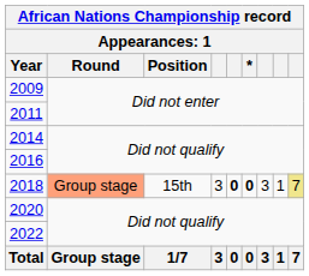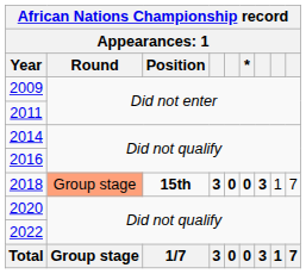 <table class="wikitable" style="text-align: center;">
 <tr>
 <th colspan=9><a href='#'>African Nations Championship</a> record</th>
 </tr>
 <tr>
 <th colspan=9>Appearances: 1</th>
 </tr>
 <tr>
 <th>Year</th>
 <th>Round</th>
 <th>Position</th>
 <th></th>
 <th></th>
 <th>*</th>
 <th></th>
 <th></th>
 <th></th>
 </tr>
 <tr>
 <td> <a href='#'>2009</a></td>
 <td rowspan=2 colspan=8><em>Did not enter</em></td>
 </tr>
 <tr>
 <td> <a href='#'>2011</a></td>
 </tr>
 <tr>
 <td> <a href='#'>2014</a></td>
 <td rowspan=2 colspan=8><em>Did not qualify</em></td>
 </tr>
 <tr>
 <td> <a href='#'>2016</a></td>
 </tr>
 <tr>
 <td> <a href='#'>2018</a></td>
 <td style="background: lightsalmon;">Group stage</td>
-<td>15th</td>
-<td>3</td>
+<td><strong>15th</strong></td>
+<td><strong>3</strong></td>
 <td><strong>0</strong></td>
 <td><strong>0</strong></td>
-<td>3</td>
+<td><strong>3</strong></td>
 <td>1</td>
-<td style="background: khaki;">7</td>
+<td>7</td>
 </tr>
 <tr>
 <td> <a href='#'>2020</a></td>
 <td colspan=8 rowspan=2><em>Did not qualify</em></td>
 </tr>
 <tr>
 <td> <a href='#'>2022</a></td>
 </tr>
 <tr>
 <th><strong>Total</strong></th>
 <th><strong>Group stage</strong></th>
 <th><strong>1/7</strong></th>
 <th><strong>3</strong></th>
 <th><strong>0</strong></th>
 <th><strong>0</strong></th>
 <th><strong>3</strong></th>
 <th><strong>1</strong></th>
 <th><strong>7</strong></th>
 </tr>
 </table>
